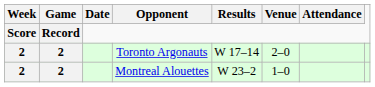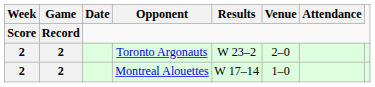 <table class="wikitable" style="text-align:center">
 <tr>
 <th>Week</th>
 <th>Game</th>
 <th>Date</th>
 <th>Opponent</th>
 <th>Results</th>
 <th>Venue</th>
 <th>Attendance</th>
 </tr>
 <tr>
 <th>Score</th>
 <th>Record</th>
 </tr>
 <tr style="background:#ddffdd">
 <th>2</th>
 <th>2</th>
 <td></td>
 <td><a href='#'>Toronto Argonauts</a></td>
-<td>W 17–14</td>
+<td>W 23–2</td>
 <td>2–0</td>
 <td></td>
 <td></td>
 </tr>
 <tr style="background:#ddffdd">
 <th>2</th>
 <th>2</th>
 <td></td>
 <td><a href='#'>Montreal Alouettes</a></td>
-<td>W 23–2</td>
+<td>W 17–14</td>
 <td>1–0</td>
 <td></td>
 <td></td>
 </tr>
 </table>
